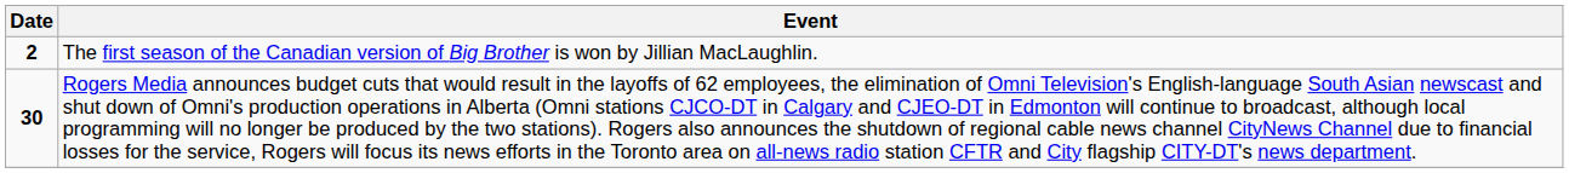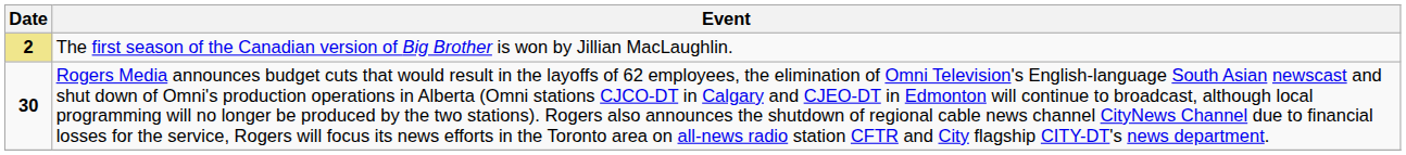 <table class="wikitable">
 <tr>
 <th>Date</th>
 <th>Event</th>
 </tr>
 <tr>
-<td style="text-align:center;"><strong>2</strong></td>
+<td style="background: khaki; text-align:center;"><strong>2</strong></td>
 <td>The <a href='#'>first season of the Canadian version of <em>Big Brother</em></a> is won by Jillian MacLaughlin.</td>
 </tr>
 <tr>
 <td style="text-align:center;"><strong>30</strong></td>
 <td><a href='#'>Rogers Media</a> announces budget cuts that would result in the layoffs of 62 employees, the elimination of <a href='#'>Omni Television</a>'s English-language <a href='#'>South Asian</a> <a href='#'>newscast</a> and shut down of Omni's production operations in Alberta (Omni stations <a href='#'>CJCO-DT</a> in <a href='#'>Calgary</a> and <a href='#'>CJEO-DT</a> in <a href='#'>Edmonton</a> will continue to broadcast, although local programming will no longer be produced by the two stations). Rogers also announces the shutdown of regional cable news channel <a href='#'>CityNews Channel</a> due to financial losses for the service, Rogers will focus its news efforts in the Toronto area on <a href='#'>all-news radio</a> station <a href='#'>CFTR</a> and <a href='#'>City</a> flagship <a href='#'>CITY-DT</a>'s <a href='#'>news department</a>.</td>
 </tr>
 <tr>
 </tr>
 </table>
